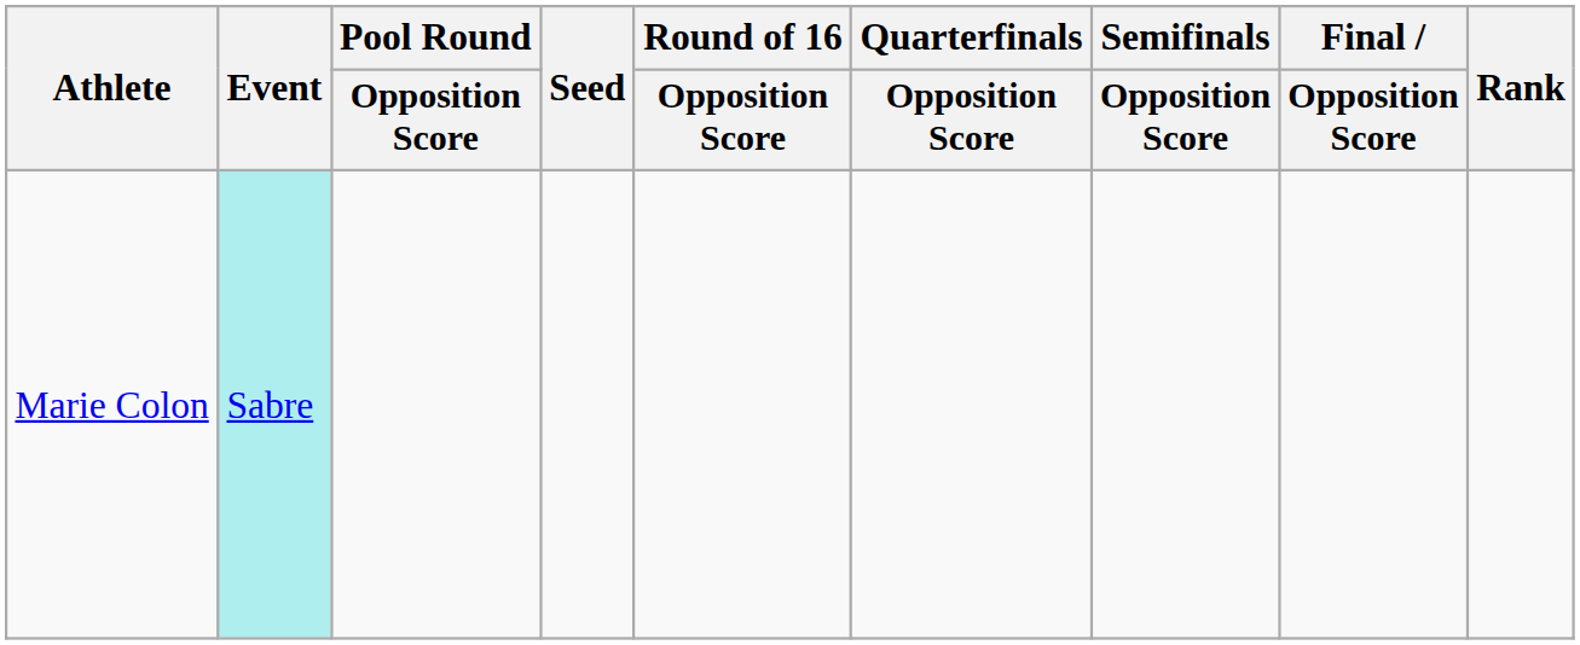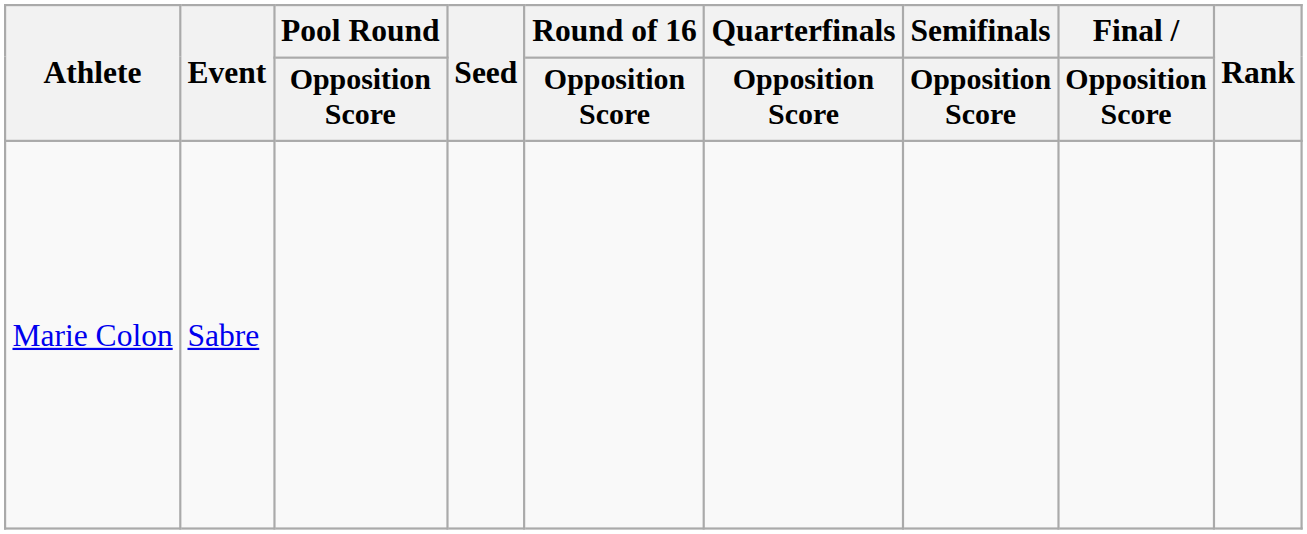 <table class=wikitable style="font-size:90%">
 <tr>
 <th rowspan="2">Athlete</th>
 <th rowspan="2">Event</th>
 <th>Pool Round</th>
 <th rowspan="2">Seed</th>
 <th>Round of 16</th>
 <th>Quarterfinals</th>
 <th>Semifinals</th>
 <th>Final / </th>
 <th rowspan=2>Rank</th>
 </tr>
 <tr style="font-size:95%">
 <th>Opposition<br>Score</th>
 <th>Opposition<br>Score</th>
 <th>Opposition<br>Score</th>
 <th>Opposition<br>Score</th>
 <th>Opposition<br>Score</th>
 </tr>
 <tr align=center>
 <td align=left><a href='#'>Marie Colon</a></td>
-<td align=left style="background: paleturquoise;"><a href='#'>Sabre</a></td>
+<td align=left><a href='#'>Sabre</a></td>
 <td align=left><br><br> <br><br> <br><br> <br><br> <br><br></td>
 <td></td>
 <td></td>
 <td></td>
 <td></td>
 <td></td>
 <td></td>
 </tr>
 </table>
